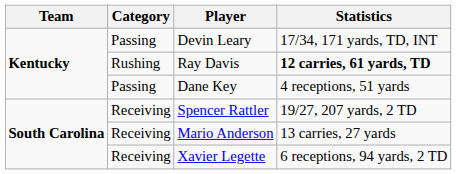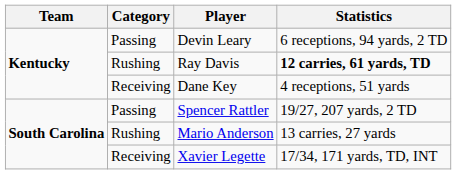 <table class="wikitable" style="float: right;">
 <tr>
 <th>Team</th>
 <th>Category</th>
 <th>Player</th>
 <th>Statistics</th>
 </tr>
 <tr>
 <td rowspan=3><strong>Kentucky</strong></td>
 <td>Passing</td>
 <td>Devin Leary</td>
-<td>17/34, 171 yards, TD, INT</td>
+<td>6 receptions, 94 yards, 2 TD</td>
 </tr>
 <tr>
 <td>Rushing</td>
 <td>Ray Davis</td>
 <td><strong>12 carries, 61 yards, TD</strong></td>
 </tr>
 <tr>
-<td>Passing</td>
+<td>Receiving</td>
 <td>Dane Key</td>
 <td>4 receptions, 51 yards</td>
 </tr>
 <tr>
 <td rowspan=3><strong>South Carolina</strong></td>
-<td>Receiving</td>
+<td>Passing</td>
 <td><a href='#'>Spencer Rattler</a></td>
 <td>19/27, 207 yards, 2 TD</td>
 </tr>
 <tr>
-<td>Receiving</td>
+<td>Rushing</td>
 <td><a href='#'>Mario Anderson</a></td>
 <td>13 carries, 27 yards</td>
 </tr>
 <tr>
 <td>Receiving</td>
 <td><a href='#'>Xavier Legette</a></td>
-<td>6 receptions, 94 yards, 2 TD</td>
+<td>17/34, 171 yards, TD, INT</td>
 </tr>
 </table>
